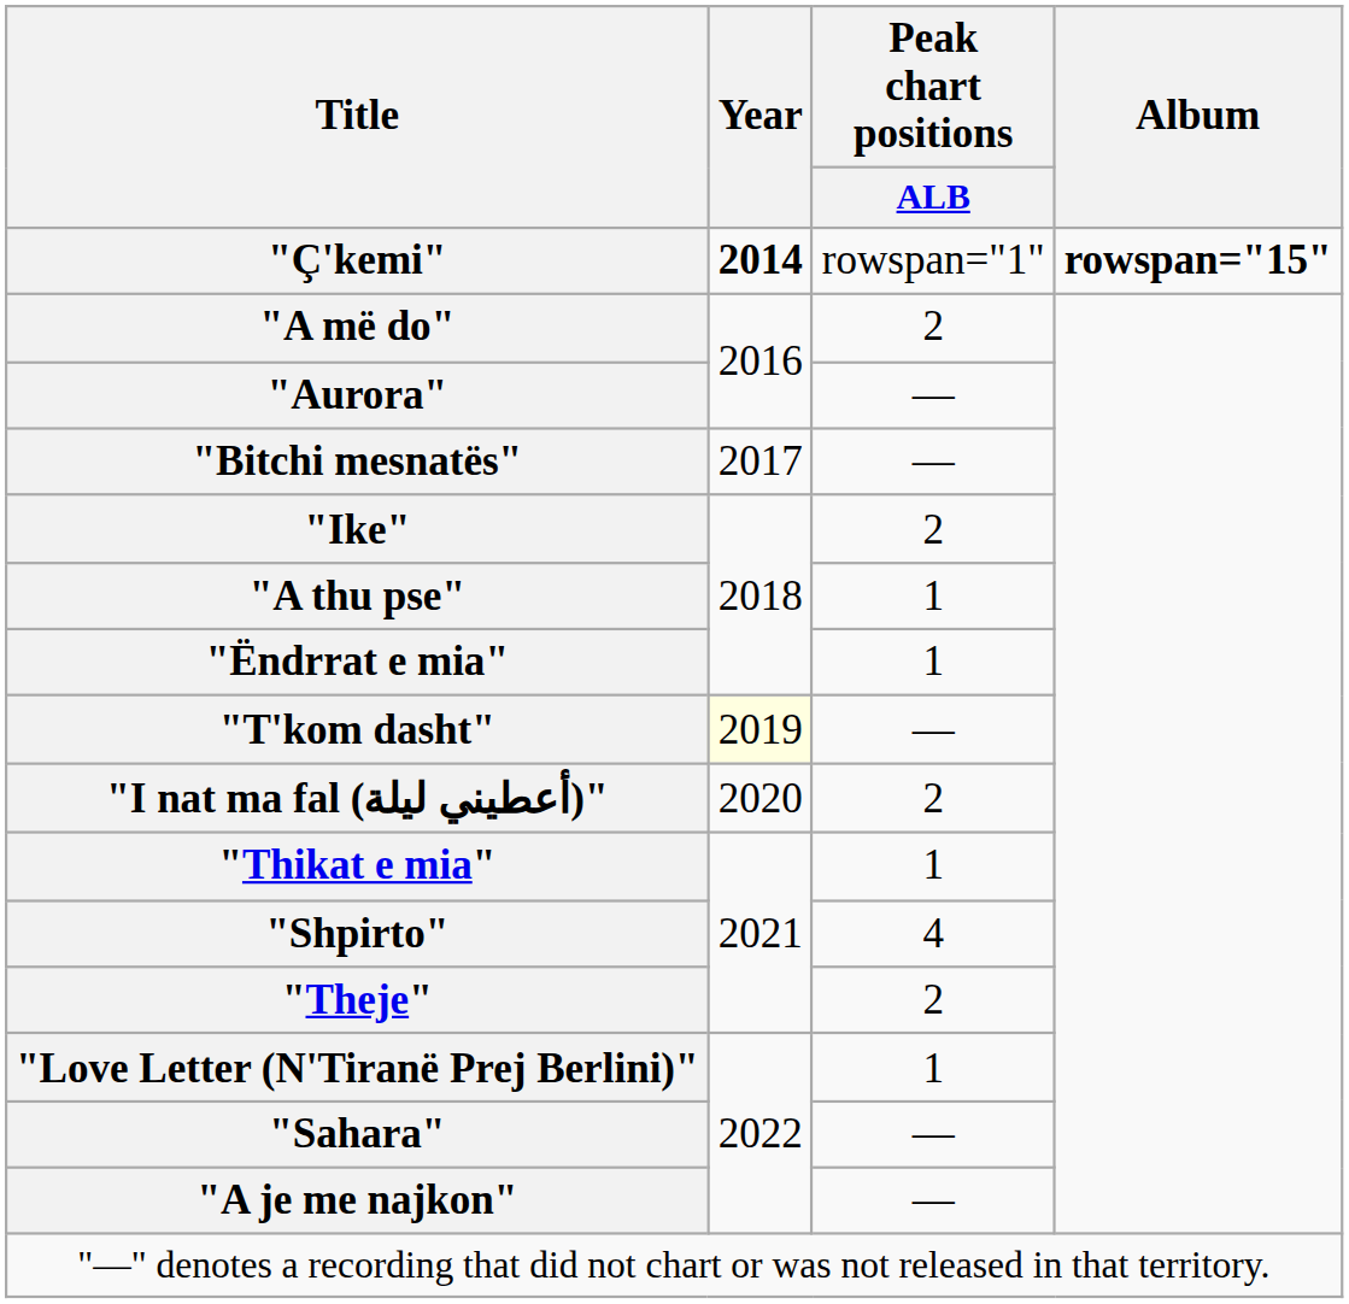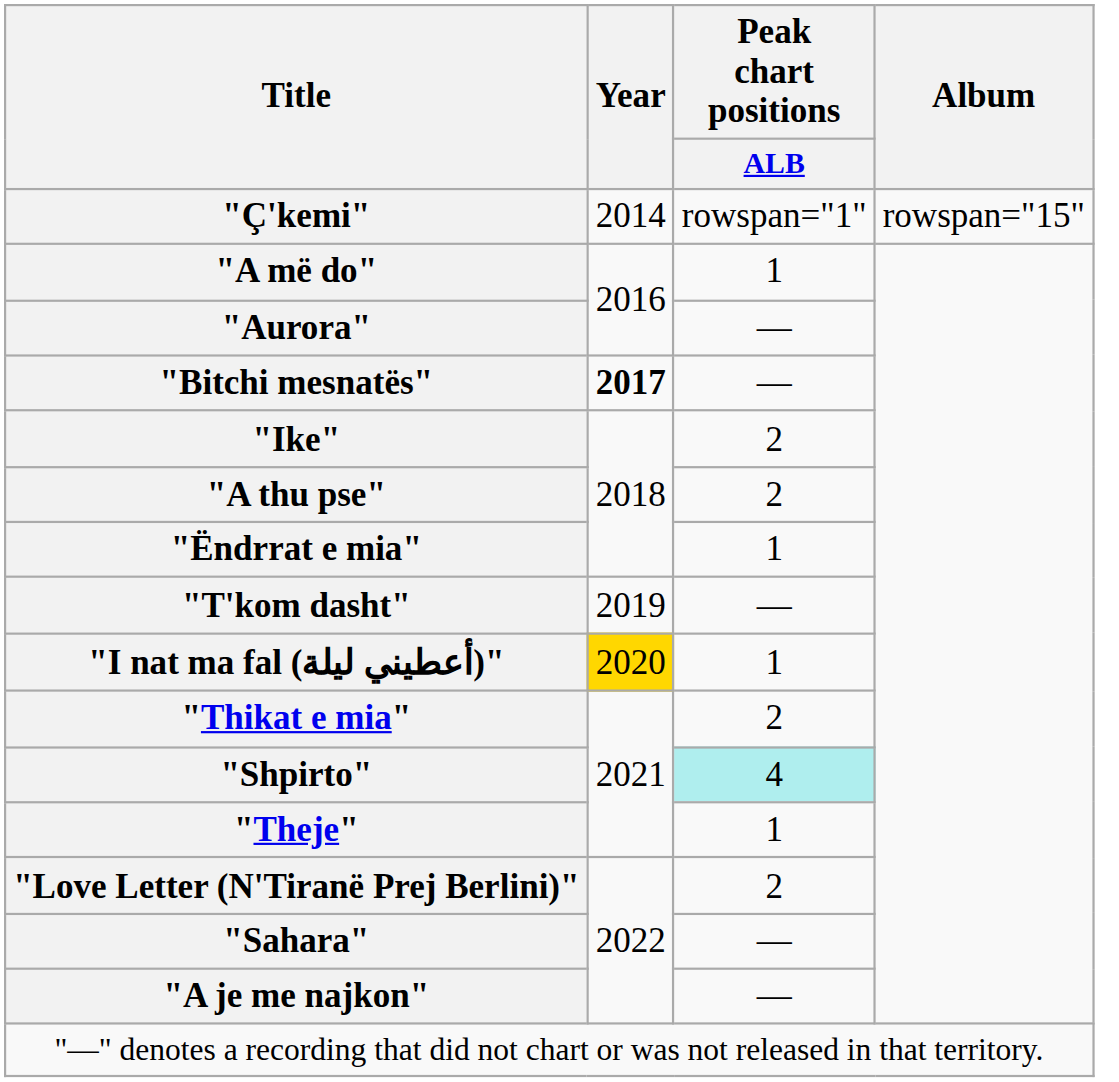 <table class="wikitable plainrowheaders" style="text-align:center;">
 <tr>
 <th scope="col" rowspan="2">Title</th>
 <th scope="col" rowspan="2">Year</th>
 <th scope="col" colspan="1">Peak<br>chart<br>positions</th>
 <th scope="col" rowspan="2">Album</th>
 </tr>
 <tr>
 <th scope="col" style="width:3em;font-size:85%;"><a href='#'>ALB</a><br></th>
 </tr>
 <tr>
 <th scope="row">"Ç'kemi"</th>
-<td><strong>2014</strong></td>
+<td>2014</td>
 <td>rowspan="1" </td>
-<td><strong>rowspan="15" </strong></td>
+<td>rowspan="15" </td>
 </tr>
 <tr>
 <th scope="row">"A më do"</th>
 <td rowspan="2">2016</td>
-<td>2</td>
+<td>1</td>
 </tr>
 <tr>
 <th scope="row">"Aurora"</th>
 <td>—</td>
 </tr>
 <tr>
 <th scope="row">"Bitchi mesnatës"</th>
-<td>2017</td>
+<td><strong>2017</strong></td>
 <td>—</td>
 </tr>
 <tr>
 <th scope="row">"Ike"</th>
 <td rowspan="3">2018</td>
 <td>2</td>
 </tr>
 <tr>
 <th scope="row">"A thu pse"</th>
-<td>1</td>
+<td>2</td>
 </tr>
 <tr>
 <th scope="row">"Ëndrrat e mia"</th>
 <td>1</td>
 </tr>
 <tr>
 <th scope="row">"T'kom dasht"</th>
-<td style="background: lightyellow;">2019</td>
+<td>2019</td>
 <td>—</td>
 </tr>
 <tr>
 <th scope="row">"I nat ma fal (أعطيني ليلة)"</th>
-<td>2020</td>
-<td>2</td>
+<td style="background: gold;">2020</td>
+<td>1</td>
 </tr>
 <tr>
 <th scope="row">"<a href='#'>Thikat e mia</a>"</th>
 <td rowspan="3">2021</td>
-<td>1</td>
+<td>2</td>
 </tr>
 <tr>
 <th scope="row">"Shpirto"</th>
-<td>4</td>
+<td style="background: paleturquoise;">4</td>
 </tr>
 <tr>
 <th scope="row">"<a href='#'>Theje</a>"</th>
-<td>2</td>
+<td>1</td>
 </tr>
 <tr>
 <th scope="row">"Love Letter (N'Tiranë Prej Berlini)"</th>
 <td rowspan="3">2022</td>
-<td>1</td>
+<td>2</td>
 </tr>
 <tr>
 <th scope="row">"Sahara"</th>
 <td>—</td>
 </tr>
 <tr>
 <th scope="row">"A je me najkon"</th>
 <td>—</td>
 </tr>
 <tr>
 <td colspan="11" style="font-size:90%">"—" denotes a recording that did not chart or was not released in that territory.</td>
 </tr>
 </table>
